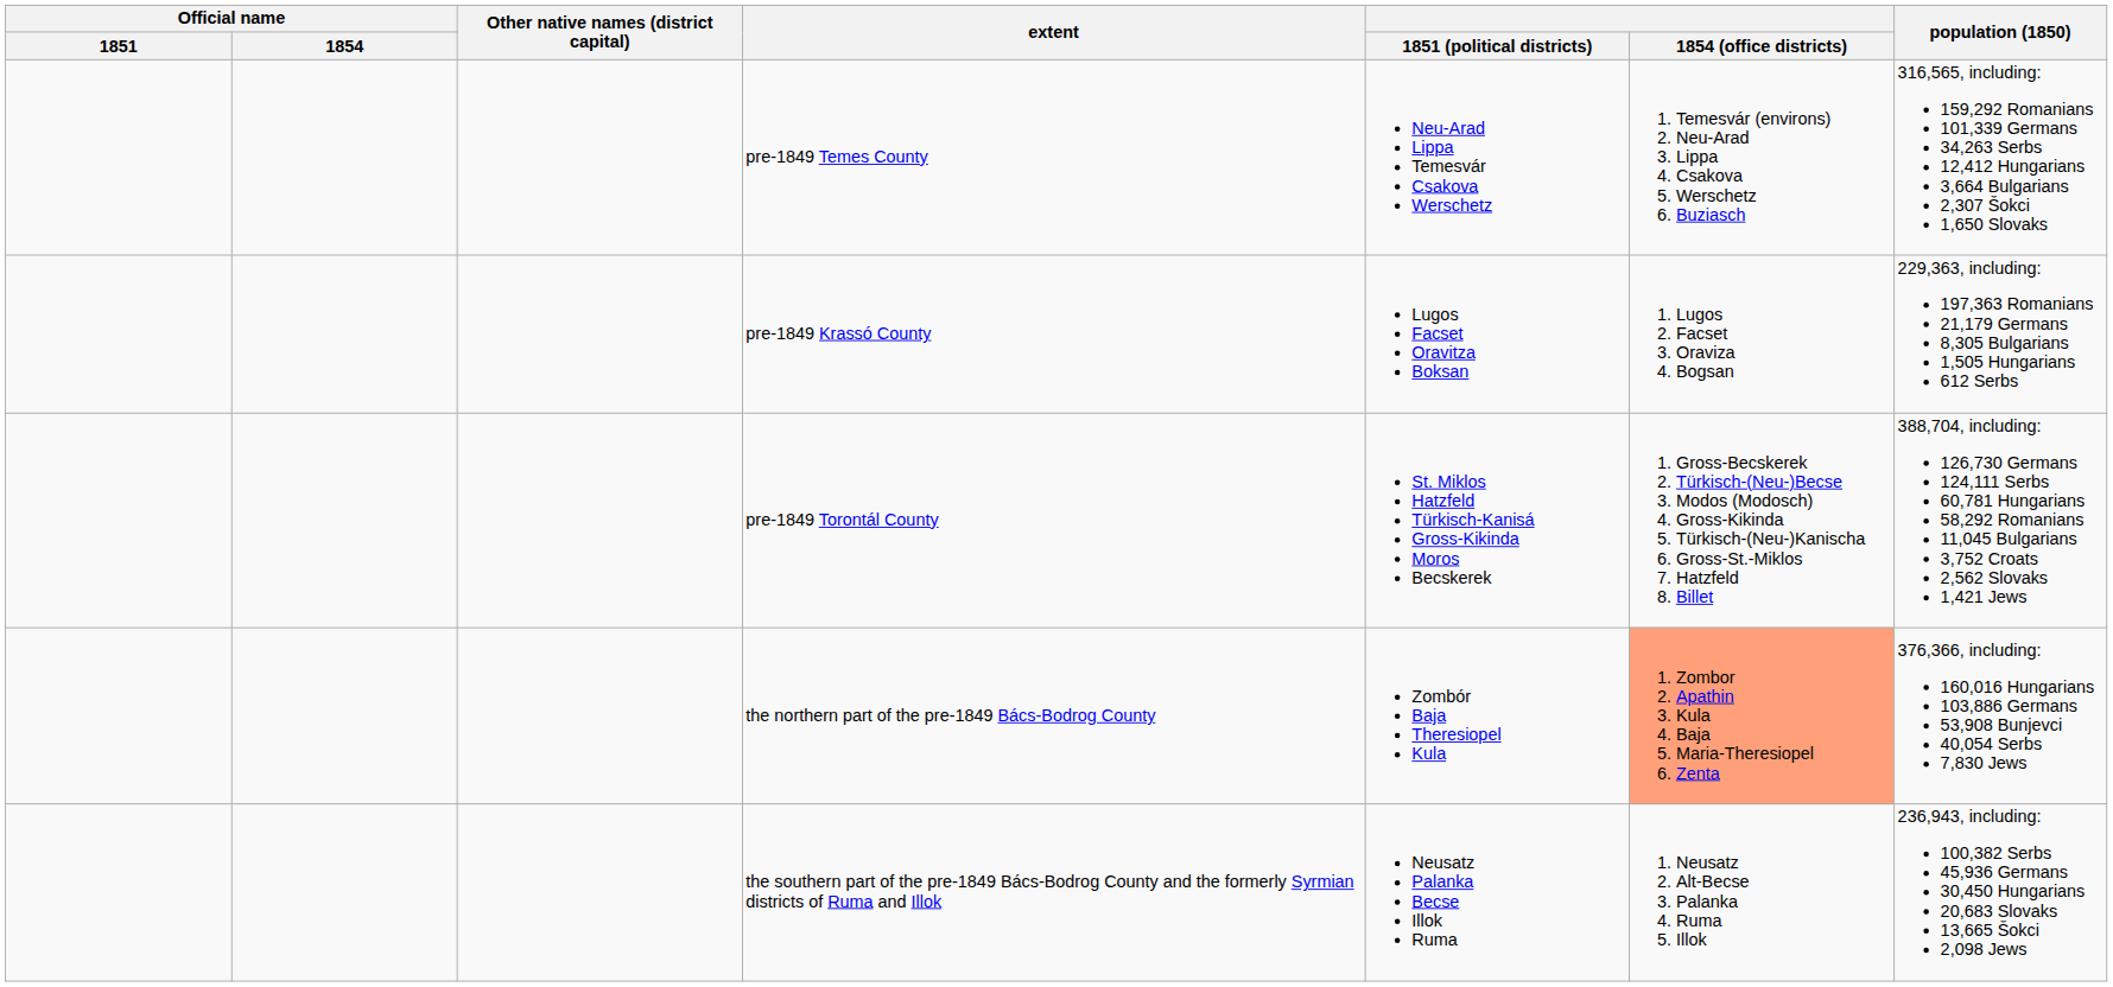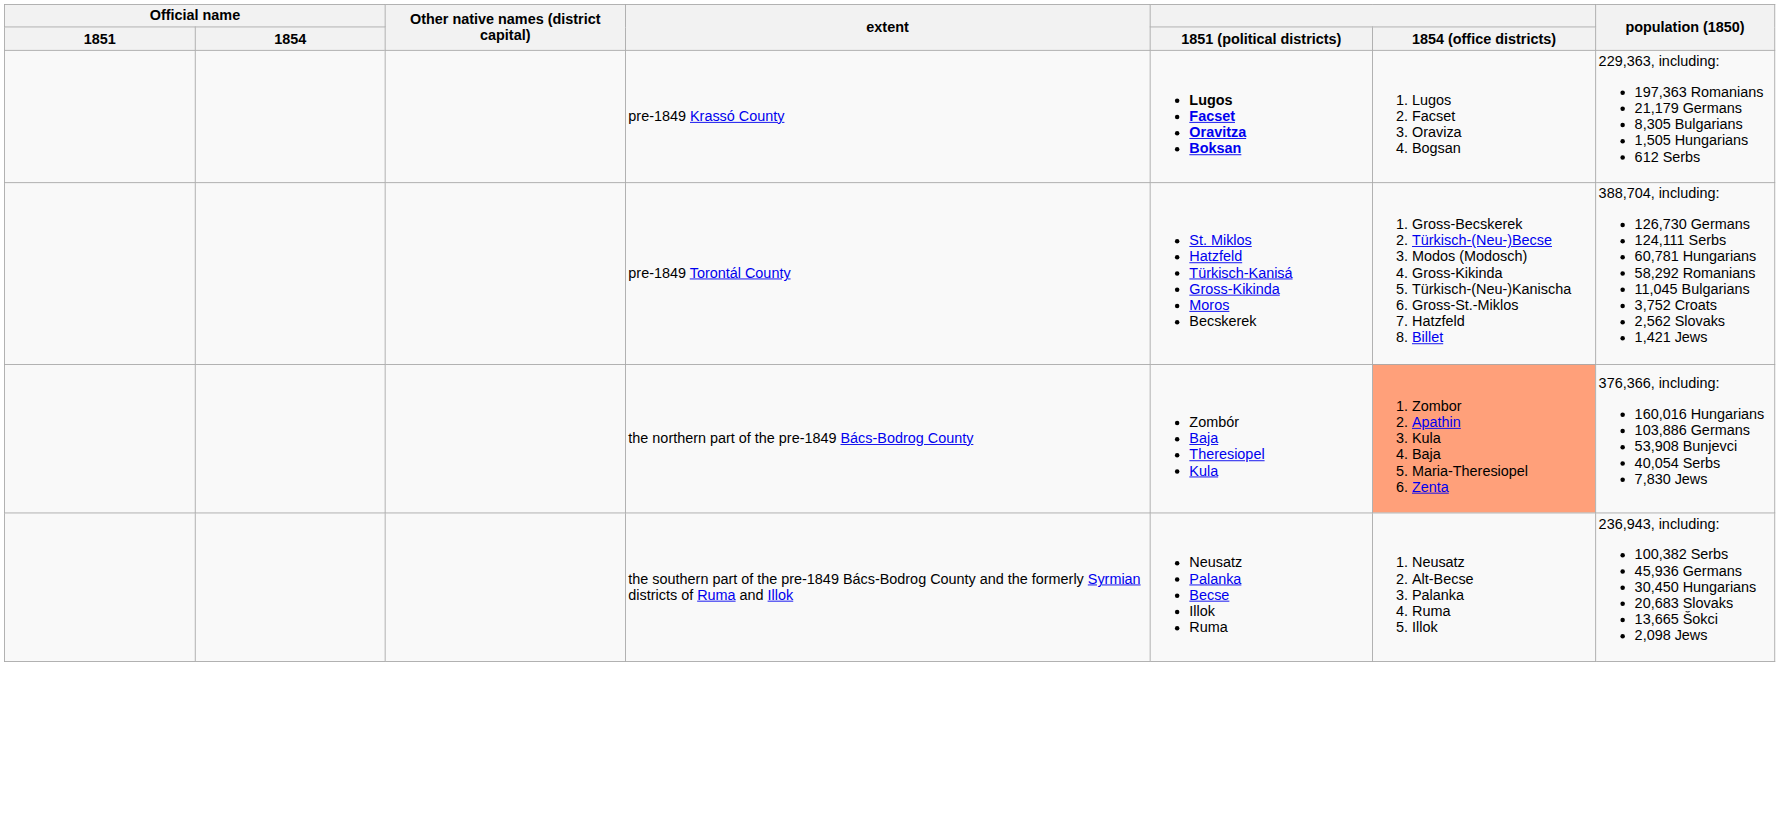 <table class="wikitable">
 <tr>
 <th colspan="2" style="min-width: 26em;">Official name</th>
 <th rowspan="2" style="min-width: 15em;">Other native names (district capital)</th>
 <th rowspan="2" style="min-width: 20em;">extent</th>
 <th colspan="2"></th>
 <th rowspan="2" style="min-width: 12em;">population (1850)</th>
 </tr>
 <tr>
 <th>1851</th>
 <th>1854</th>
 <th style="min-width: 15em; max-width: 30em;">1851 (political districts)</th>
 <th style="min-width: 15em;">1854 (office districts)</th>
 </tr>
 <tr>
 <td></td>
 <td> </td>
 <td></td>
-<td>pre-1849 <a href='#'>Temes County</a></td>
-<td><br><ul><li><a href='#'>Neu-Arad</a> </li><li><a href='#'>Lippa</a> </li><li>Temesvár</li><li><a href='#'>Csakova</a> </li><li><a href='#'>Werschetz</a> </li></ul></td>
-<td><br><ol><li>Temesvár (environs)</li><li>Neu-Arad</li><li>Lippa</li><li>Csakova</li><li>Werschetz</li><li><a href='#'>Buziasch</a> </li></ol></td>
-<td>316,565, including:<br><ul><li>159,292 Romanians</li><li>101,339 Germans</li><li>34,263 Serbs</li><li>12,412 Hungarians</li><li>3,664 Bulgarians</li><li>2,307 Šokci</li><li>1,650 Slovaks</li></ul></td>
-</tr>
-<tr>
-<td></td>
-<td> </td>
-<td></td>
 <td>pre-1849 <a href='#'>Krassó County</a></td>
-<td><br><ul><li>Lugos</li><li><a href='#'>Facset</a> </li><li><a href='#'>Oravitza</a> </li><li><a href='#'>Boksan</a> </li></ul></td>
+<td><strong><br><ul><li>Lugos</li><li><a href='#'>Facset</a> </li><li><a href='#'>Oravitza</a> </li><li><a href='#'>Boksan</a> </li></ul></strong></td>
 <td><br><ol><li>Lugos</li><li>Facset</li><li>Oraviza</li><li>Bogsan</li></ol></td>
 <td>229,363, including:<br><ul><li>197,363 Romanians</li><li>21,179 Germans</li><li>8,305 Bulgarians</li><li>1,505 Hungarians</li><li>612 Serbs</li></ul></td>
 </tr>
 <tr>
 <td></td>
 <td></td>
 <td></td>
 <td>pre-1849 <a href='#'>Torontál County</a></td>
 <td><br><ul><li><a href='#'>St. Miklos</a> </li><li><a href='#'>Hatzfeld</a> </li><li><a href='#'>Türkisch-Kanisá</a> </li><li><a href='#'>Gross-Kikinda</a> </li><li><a href='#'>Moros</a> </li><li>Becskerek</li></ul></td>
 <td><br><ol><li>Gross-Becskerek</li><li><a href='#'>Türkisch-(Neu-)Becse</a> </li><li>Modos (Modosch)</li><li>Gross-Kikinda</li><li>Türkisch-(Neu-)Kanischa</li><li>Gross-St.-Miklos</li><li>Hatzfeld</li><li><a href='#'>Billet</a> </li></ol></td>
 <td>388,704, including:<br><ul><li>126,730 Germans</li><li>124,111 Serbs</li><li>60,781 Hungarians</li><li>58,292 Romanians</li><li>11,045 Bulgarians</li><li>3,752 Croats</li><li>2,562 Slovaks</li><li>1,421 Jews</li></ul></td>
 </tr>
 <tr>
 <td></td>
 <td></td>
 <td></td>
 <td>the northern part of the pre-1849 <a href='#'>Bács-Bodrog County</a></td>
 <td><br><ul><li>Zombór</li><li><a href='#'>Baja</a></li><li><a href='#'>Theresiopel</a> </li><li><a href='#'>Kula</a></li></ul></td>
 <td style="background: lightsalmon;"><br><ol><li>Zombor</li><li><a href='#'>Apathin</a> </li><li>Kula</li><li>Baja</li><li>Maria-Theresiopel</li><li><a href='#'>Zenta</a> </li></ol></td>
 <td>376,366, including:<br><ul><li>160,016 Hungarians</li><li>103,886 Germans</li><li>53,908 Bunjevci</li><li>40,054 Serbs</li><li>7,830 Jews</li></ul></td>
 </tr>
 <tr>
 <td></td>
 <td></td>
 <td></td>
 <td>the southern part of the pre-1849 Bács-Bodrog County and the formerly <a href='#'>Syrmian</a> districts of <a href='#'>Ruma</a> and <a href='#'>Illok</a></td>
 <td><br><ul><li>Neusatz</li><li><a href='#'>Palanka</a> </li><li><a href='#'>Becse</a> </li><li>Illok </li><li>Ruma</li></ul></td>
 <td><br><ol><li>Neusatz</li><li>Alt-Becse</li><li>Palanka</li><li>Ruma</li><li>Illok</li></ol></td>
 <td>236,943, including:<br><ul><li>100,382 Serbs</li><li>45,936 Germans</li><li>30,450 Hungarians</li><li>20,683 Slovaks</li><li>13,665 Šokci</li><li>2,098 Jews</li></ul></td>
 </tr>
 </table>
